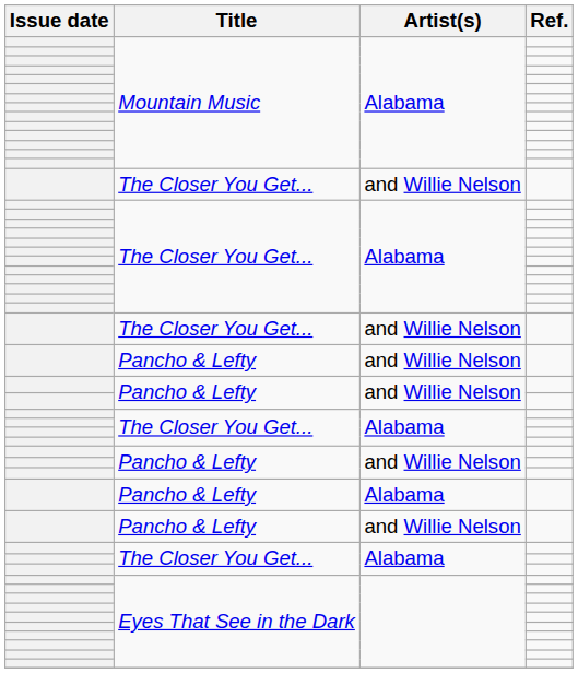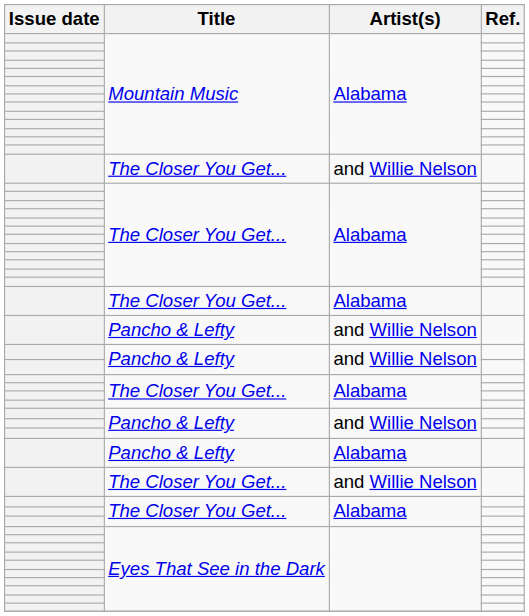 <table class="wikitable sortable plainrowheaders">
 <tr>
 <th scope=col>Issue date</th>
 <th scope=col>Title</th>
 <th scope=col>Artist(s)</th>
 <th scope=col class=unsortable>Ref.</th>
 </tr>
 <tr>
 <th scope=row></th>
 <td rowspan=14><em><a href='#'>Mountain Music</a></em></td>
 <td rowspan=14><a href='#'>Alabama</a></td>
 <td align=center></td>
 </tr>
 <tr>
 <th scope=row></th>
 <td align=center></td>
 </tr>
 <tr>
 <th scope=row></th>
 <td align=center></td>
 </tr>
 <tr>
 <th scope=row></th>
 <td align=center></td>
 </tr>
 <tr>
 <th scope=row></th>
 <td align=center></td>
 </tr>
 <tr>
 <th scope=row></th>
 <td align=center></td>
 </tr>
 <tr>
 <th scope=row></th>
 <td align=center></td>
 </tr>
 <tr>
 <th scope=row></th>
 <td align=center></td>
 </tr>
 <tr>
 <th scope=row></th>
 <td align=center></td>
 </tr>
 <tr>
 <th scope=row></th>
 <td align=center></td>
 </tr>
 <tr>
 <th scope=row></th>
 <td align=center></td>
 </tr>
 <tr>
 <th scope=row></th>
 <td align=center></td>
 </tr>
 <tr>
 <th scope=row></th>
 <td align=center></td>
 </tr>
 <tr>
 <th scope=row></th>
 <td align=center></td>
 </tr>
 <tr>
 <th scope=row></th>
 <td><em><a href='#'>The Closer You Get...</a></em></td>
 <td> and <a href='#'>Willie Nelson</a></td>
 <td align=center></td>
 </tr>
 <tr>
 <th scope=row></th>
 <td rowspan=12><em><a href='#'>The Closer You Get...</a></em></td>
 <td rowspan=12><a href='#'>Alabama</a></td>
 <td align=center></td>
 </tr>
 <tr>
 <th scope=row></th>
 <td align=center></td>
 </tr>
 <tr>
 <th scope=row></th>
 <td align=center></td>
 </tr>
 <tr>
 <th scope=row></th>
 <td align=center></td>
 </tr>
 <tr>
 <th scope=row></th>
 <td align=center></td>
 </tr>
 <tr>
 <th scope=row></th>
 <td align=center></td>
 </tr>
 <tr>
 <th scope=row></th>
 <td align=center></td>
 </tr>
 <tr>
 <th scope=row></th>
 <td align=center></td>
 </tr>
 <tr>
 <th scope=row></th>
 <td align=center></td>
 </tr>
 <tr>
 <th scope=row></th>
 <td align=center></td>
 </tr>
 <tr>
 <th scope=row></th>
 <td align=center></td>
 </tr>
 <tr>
 <th scope=row></th>
 <td align=center></td>
 </tr>
 <tr>
 <th scope=row></th>
 <td><em><a href='#'>The Closer You Get...</a></em></td>
-<td> and <a href='#'>Willie Nelson</a></td>
+<td><a href='#'>Alabama</a></td>
 <td align=center></td>
 </tr>
 <tr>
 <th scope=row></th>
 <td><em><a href='#'>Pancho & Lefty</a></em></td>
 <td> and <a href='#'>Willie Nelson</a></td>
 <td align=center></td>
 </tr>
 <tr>
 <th scope=row></th>
 <td rowspan=2><em><a href='#'>Pancho & Lefty</a></em></td>
 <td rowspan=2> and <a href='#'>Willie Nelson</a></td>
 <td align=center></td>
 </tr>
 <tr>
 <th scope=row></th>
 <td align=center></td>
 </tr>
 <tr>
 <th scope=row></th>
 <td rowspan=4><em><a href='#'>The Closer You Get...</a></em></td>
 <td rowspan=4><a href='#'>Alabama</a></td>
 <td align=center></td>
 </tr>
 <tr>
 <th scope=row></th>
 <td align=center></td>
 </tr>
 <tr>
 <th scope=row></th>
 <td align=center></td>
 </tr>
 <tr>
 <th scope=row></th>
 <td align=center></td>
 </tr>
 <tr>
 <th scope=row></th>
 <td rowspan=3><em><a href='#'>Pancho & Lefty</a></em></td>
 <td rowspan=3> and <a href='#'>Willie Nelson</a></td>
 <td align=center></td>
 </tr>
 <tr>
 <th scope=row></th>
 <td align=center></td>
 </tr>
 <tr>
 <th scope=row></th>
 <td align=center></td>
 </tr>
 <tr>
 <th scope=row></th>
 <td><em><a href='#'>Pancho & Lefty</a></em></td>
 <td><a href='#'>Alabama</a></td>
 <td align=center></td>
 </tr>
 <tr>
 <th scope=row></th>
-<td><em><a href='#'>Pancho & Lefty</a></em></td>
+<td><em><a href='#'>The Closer You Get...</a></em></td>
 <td> and <a href='#'>Willie Nelson</a></td>
 <td align=center></td>
 </tr>
 <tr>
 <th scope=row></th>
 <td rowspan=3><em><a href='#'>The Closer You Get...</a></em></td>
 <td rowspan=3><a href='#'>Alabama</a></td>
 <td align=center></td>
 </tr>
 <tr>
 <th scope=row></th>
 <td align=center></td>
 </tr>
 <tr>
 <th scope=row></th>
 <td align=center></td>
 </tr>
 <tr>
 <th scope=row></th>
 <td rowspan=10><em><a href='#'>Eyes That See in the Dark</a></em></td>
 <td rowspan=10></td>
 <td align=center></td>
 </tr>
 <tr>
 <th scope=row></th>
 <td align=center></td>
 </tr>
 <tr>
 <th scope=row></th>
 <td align=center></td>
 </tr>
 <tr>
 <th scope=row></th>
 <td align=center></td>
 </tr>
 <tr>
 <th scope=row></th>
 <td align=center></td>
 </tr>
 <tr>
 <th scope=row></th>
 <td align=center></td>
 </tr>
 <tr>
 <th scope=row></th>
 <td align=center></td>
 </tr>
 <tr>
 <th scope=row></th>
 <td align=center></td>
 </tr>
 <tr>
 <th scope=row></th>
 <td align=center></td>
 </tr>
 <tr>
 <th scope=row></th>
 <td align=center></td>
 </tr>
 <tr>
 </tr>
 </table>
